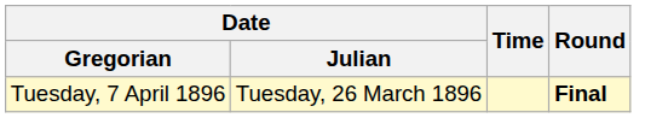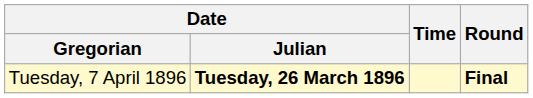 <table class="wikitable">
 <tr>
 <th colspan=2>Date</th>
 <th rowspan=2>Time</th>
 <th rowspan=2>Round</th>
 </tr>
 <tr>
 <th>Gregorian</th>
 <th>Julian</th>
 </tr>
 <tr style=background:lemonchiffon>
 <td>Tuesday, 7 April 1896</td>
-<td>Tuesday, 26 March 1896</td>
+<td><strong>Tuesday, 26 March 1896</strong></td>
 <td></td>
 <td><strong>Final</strong></td>
 </tr>
 </table>
